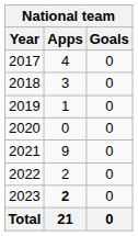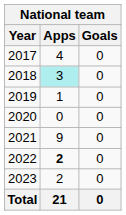 <table class="wikitable" style="text-align:center">
 <tr>
 <th colspan=3>National team</th>
 </tr>
 <tr>
 <th>Year</th>
 <th>Apps</th>
 <th>Goals</th>
 </tr>
 <tr>
 <td>2017</td>
 <td>4</td>
 <td>0</td>
 </tr>
 <tr>
 <td>2018</td>
-<td>3</td>
+<td style="background: paleturquoise;">3</td>
 <td>0</td>
 </tr>
 <tr>
 <td>2019</td>
 <td>1</td>
 <td>0</td>
 </tr>
 <tr>
 <td>2020</td>
 <td>0</td>
 <td>0</td>
 </tr>
 <tr>
 <td>2021</td>
 <td>9</td>
 <td>0</td>
 </tr>
 <tr>
 <td>2022</td>
-<td>2</td>
+<td><strong>2</strong></td>
 <td>0</td>
 </tr>
 <tr>
 <td>2023</td>
-<td><strong>2</strong></td>
+<td>2</td>
 <td>0</td>
 </tr>
 <tr>
 <th>Total</th>
 <th>21</th>
 <th>0</th>
 </tr>
 </table>
